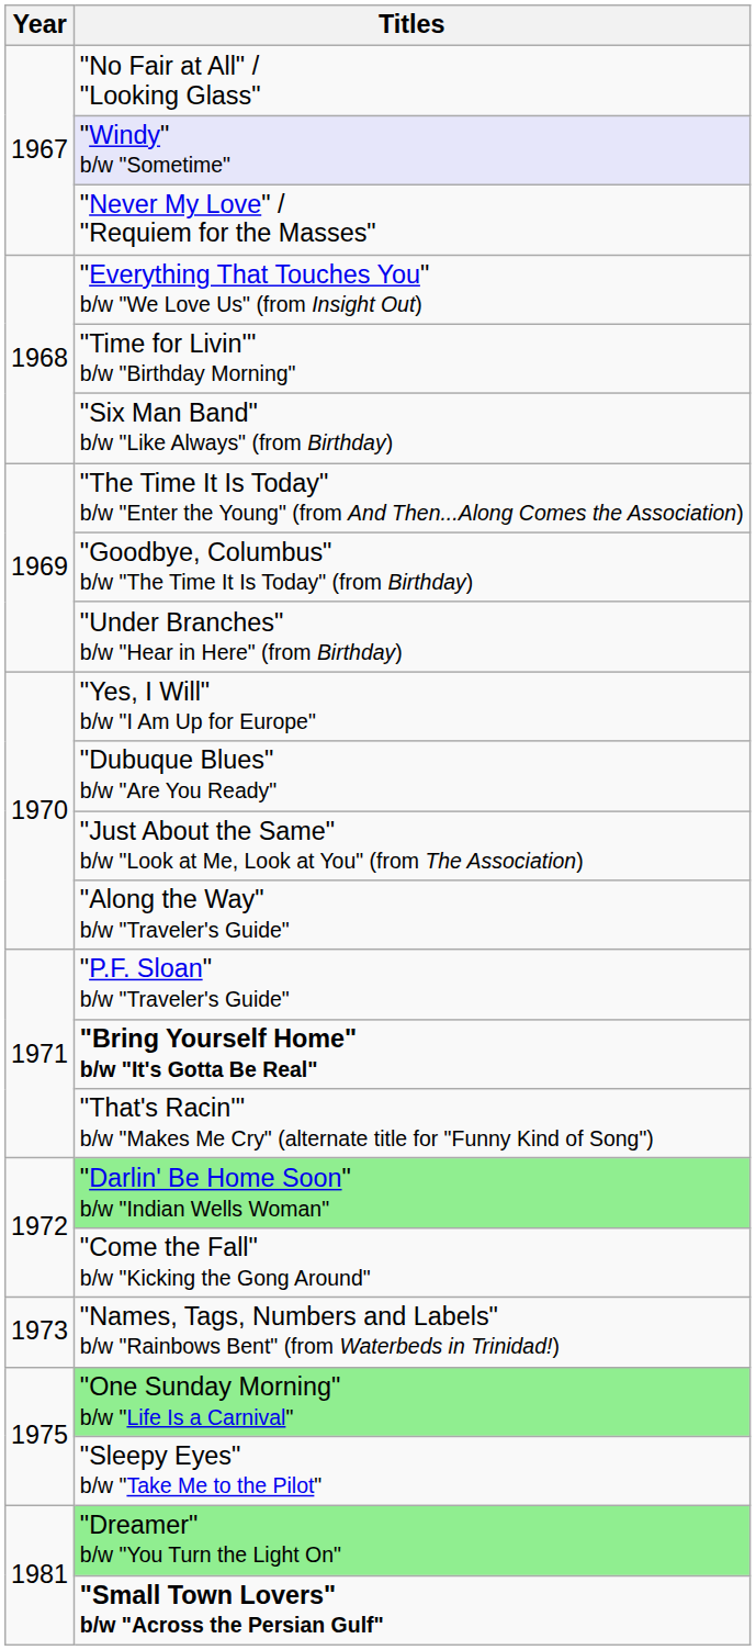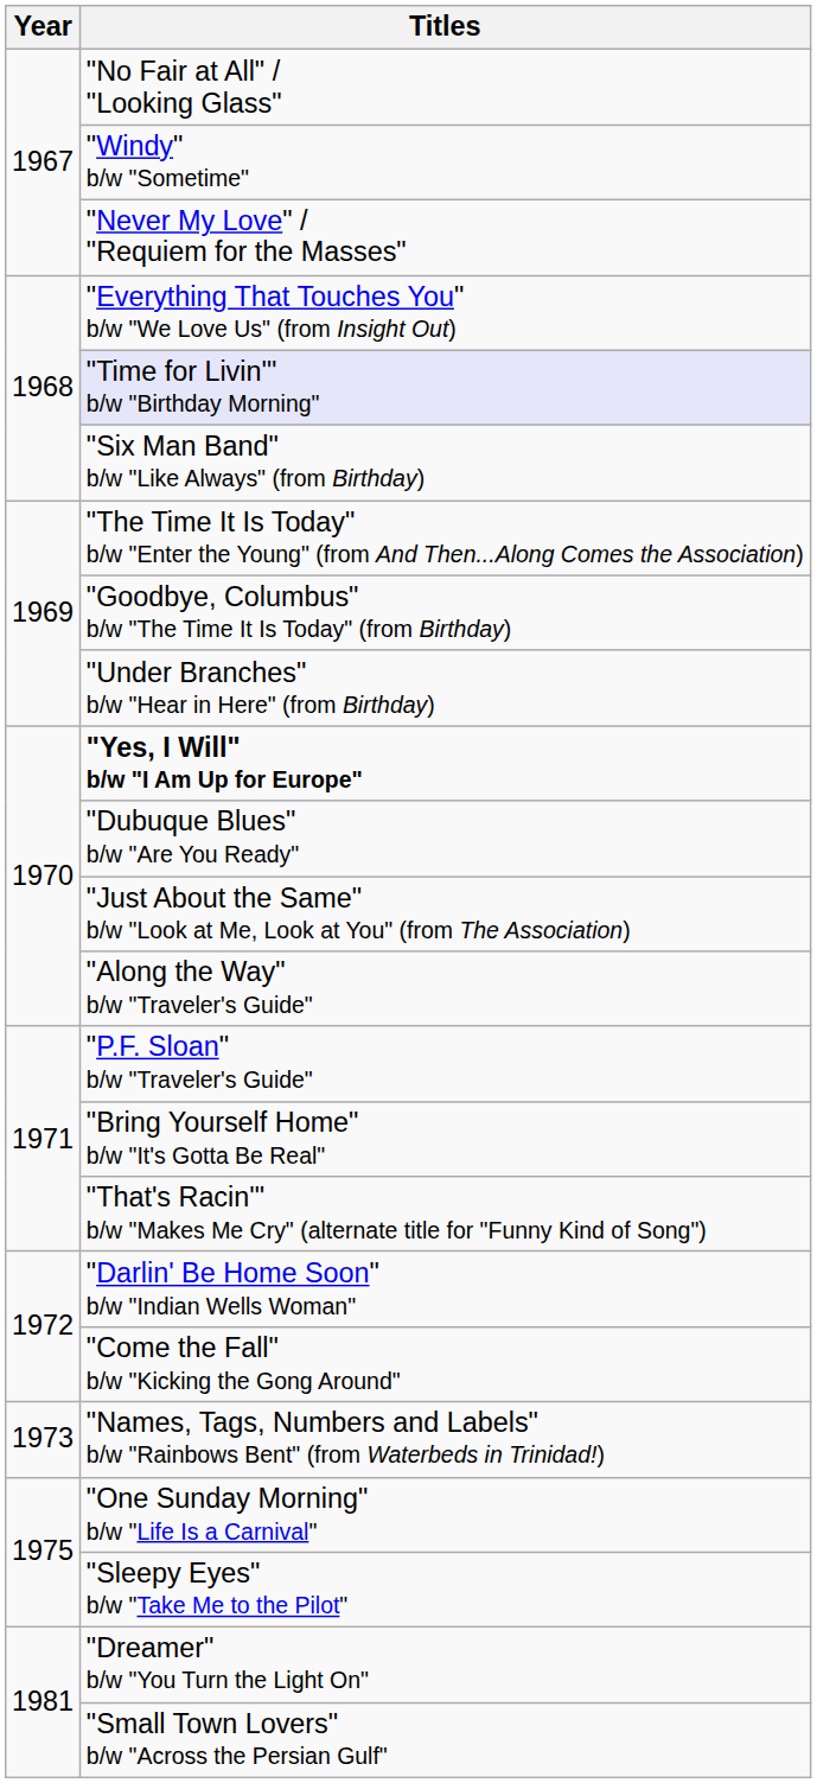 <table class="wikitable sortable">
 <tr>
 <th>Year</th>
 <th>Titles</th>
 </tr>
 <tr>
 <td rowspan="3">1967</td>
 <td>"No Fair at All" /<br>"Looking Glass"</td>
 </tr>
 <tr>
-<td style="background: lavender;">"<a href='#'>Windy</a>"<br><small>b/w "Sometime"</small></td>
+<td>"<a href='#'>Windy</a>"<br><small>b/w "Sometime"</small></td>
 </tr>
 <tr>
 <td>"<a href='#'>Never My Love</a>" /<br>"Requiem for the Masses"</td>
 </tr>
 <tr>
 <td rowspan="3">1968</td>
 <td>"<a href='#'>Everything That Touches You</a>"<br><small>b/w "We Love Us" (from <em>Insight Out</em>)</small></td>
 </tr>
 <tr>
-<td>"Time for Livin'"<br><small>b/w "Birthday Morning"</small></td>
+<td style="background: lavender;">"Time for Livin'"<br><small>b/w "Birthday Morning"</small></td>
 </tr>
 <tr>
 <td>"Six Man Band"<br><small>b/w "Like Always" (from <em>Birthday</em>)</small></td>
 </tr>
 <tr>
 <td rowspan="3">1969</td>
 <td>"The Time It Is Today"<br><small>b/w "Enter the Young" (from <em>And Then...Along Comes the Association</em>)</small></td>
 </tr>
 <tr>
 <td>"Goodbye, Columbus"<br><small>b/w "The Time It Is Today" (from <em>Birthday</em>)</small></td>
 </tr>
 <tr>
 <td>"Under Branches"<br><small>b/w "Hear in Here" (from <em>Birthday</em>)</small></td>
 </tr>
 <tr>
 <td rowspan="4">1970</td>
-<td>"Yes, I Will"<br><small>b/w "I Am Up for Europe"</small></td>
+<td><strong>"Yes, I Will"<br><small>b/w "I Am Up for Europe"</small></strong></td>
 </tr>
 <tr>
 <td>"Dubuque Blues"<br><small>b/w "Are You Ready"</small></td>
 </tr>
 <tr>
 <td>"Just About the Same"<br><small>b/w "Look at Me, Look at You" (from <em>The Association</em>)</small></td>
 </tr>
 <tr>
 <td>"Along the Way"<br><small>b/w "Traveler's Guide"</small></td>
 </tr>
 <tr>
 <td rowspan="3">1971</td>
 <td>"<a href='#'>P.F. Sloan</a>"<br><small>b/w "Traveler's Guide"</small></td>
 </tr>
 <tr>
-<td><strong>"Bring Yourself Home"<br><small>b/w "It's Gotta Be Real"</small></strong></td>
+<td>"Bring Yourself Home"<br><small>b/w "It's Gotta Be Real"</small></td>
 </tr>
 <tr>
 <td>"That's Racin'"<br><small>b/w "Makes Me Cry" (alternate title for "Funny Kind of Song")</small></td>
 </tr>
 <tr>
 <td rowspan="2">1972</td>
-<td style="background: lightgreen;">"<a href='#'>Darlin' Be Home Soon</a>"<br><small>b/w "Indian Wells Woman"</small></td>
+<td>"<a href='#'>Darlin' Be Home Soon</a>"<br><small>b/w "Indian Wells Woman"</small></td>
 </tr>
 <tr>
 <td>"Come the Fall"<br><small>b/w "Kicking the Gong Around"</small></td>
 </tr>
 <tr>
 <td>1973</td>
 <td>"Names, Tags, Numbers and Labels"<br><small>b/w "Rainbows Bent" (from <em>Waterbeds in Trinidad!</em>)</small></td>
 </tr>
 <tr>
 <td rowspan="2">1975</td>
-<td style="background: lightgreen;">"One Sunday Morning"<br><small>b/w "<a href='#'>Life Is a Carnival</a>"</small></td>
+<td>"One Sunday Morning"<br><small>b/w "<a href='#'>Life Is a Carnival</a>"</small></td>
 </tr>
 <tr>
 <td>"Sleepy Eyes"<br><small>b/w "<a href='#'>Take Me to the Pilot</a>"</small></td>
 </tr>
 <tr>
 <td rowspan="2">1981</td>
-<td style="background: lightgreen;">"Dreamer"<br><small>b/w "You Turn the Light On"</small></td>
+<td>"Dreamer"<br><small>b/w "You Turn the Light On"</small></td>
 </tr>
 <tr>
-<td><strong>"Small Town Lovers"<br><small>b/w "Across the Persian Gulf"</small></strong></td>
+<td>"Small Town Lovers"<br><small>b/w "Across the Persian Gulf"</small></td>
 </tr>
 </table>
